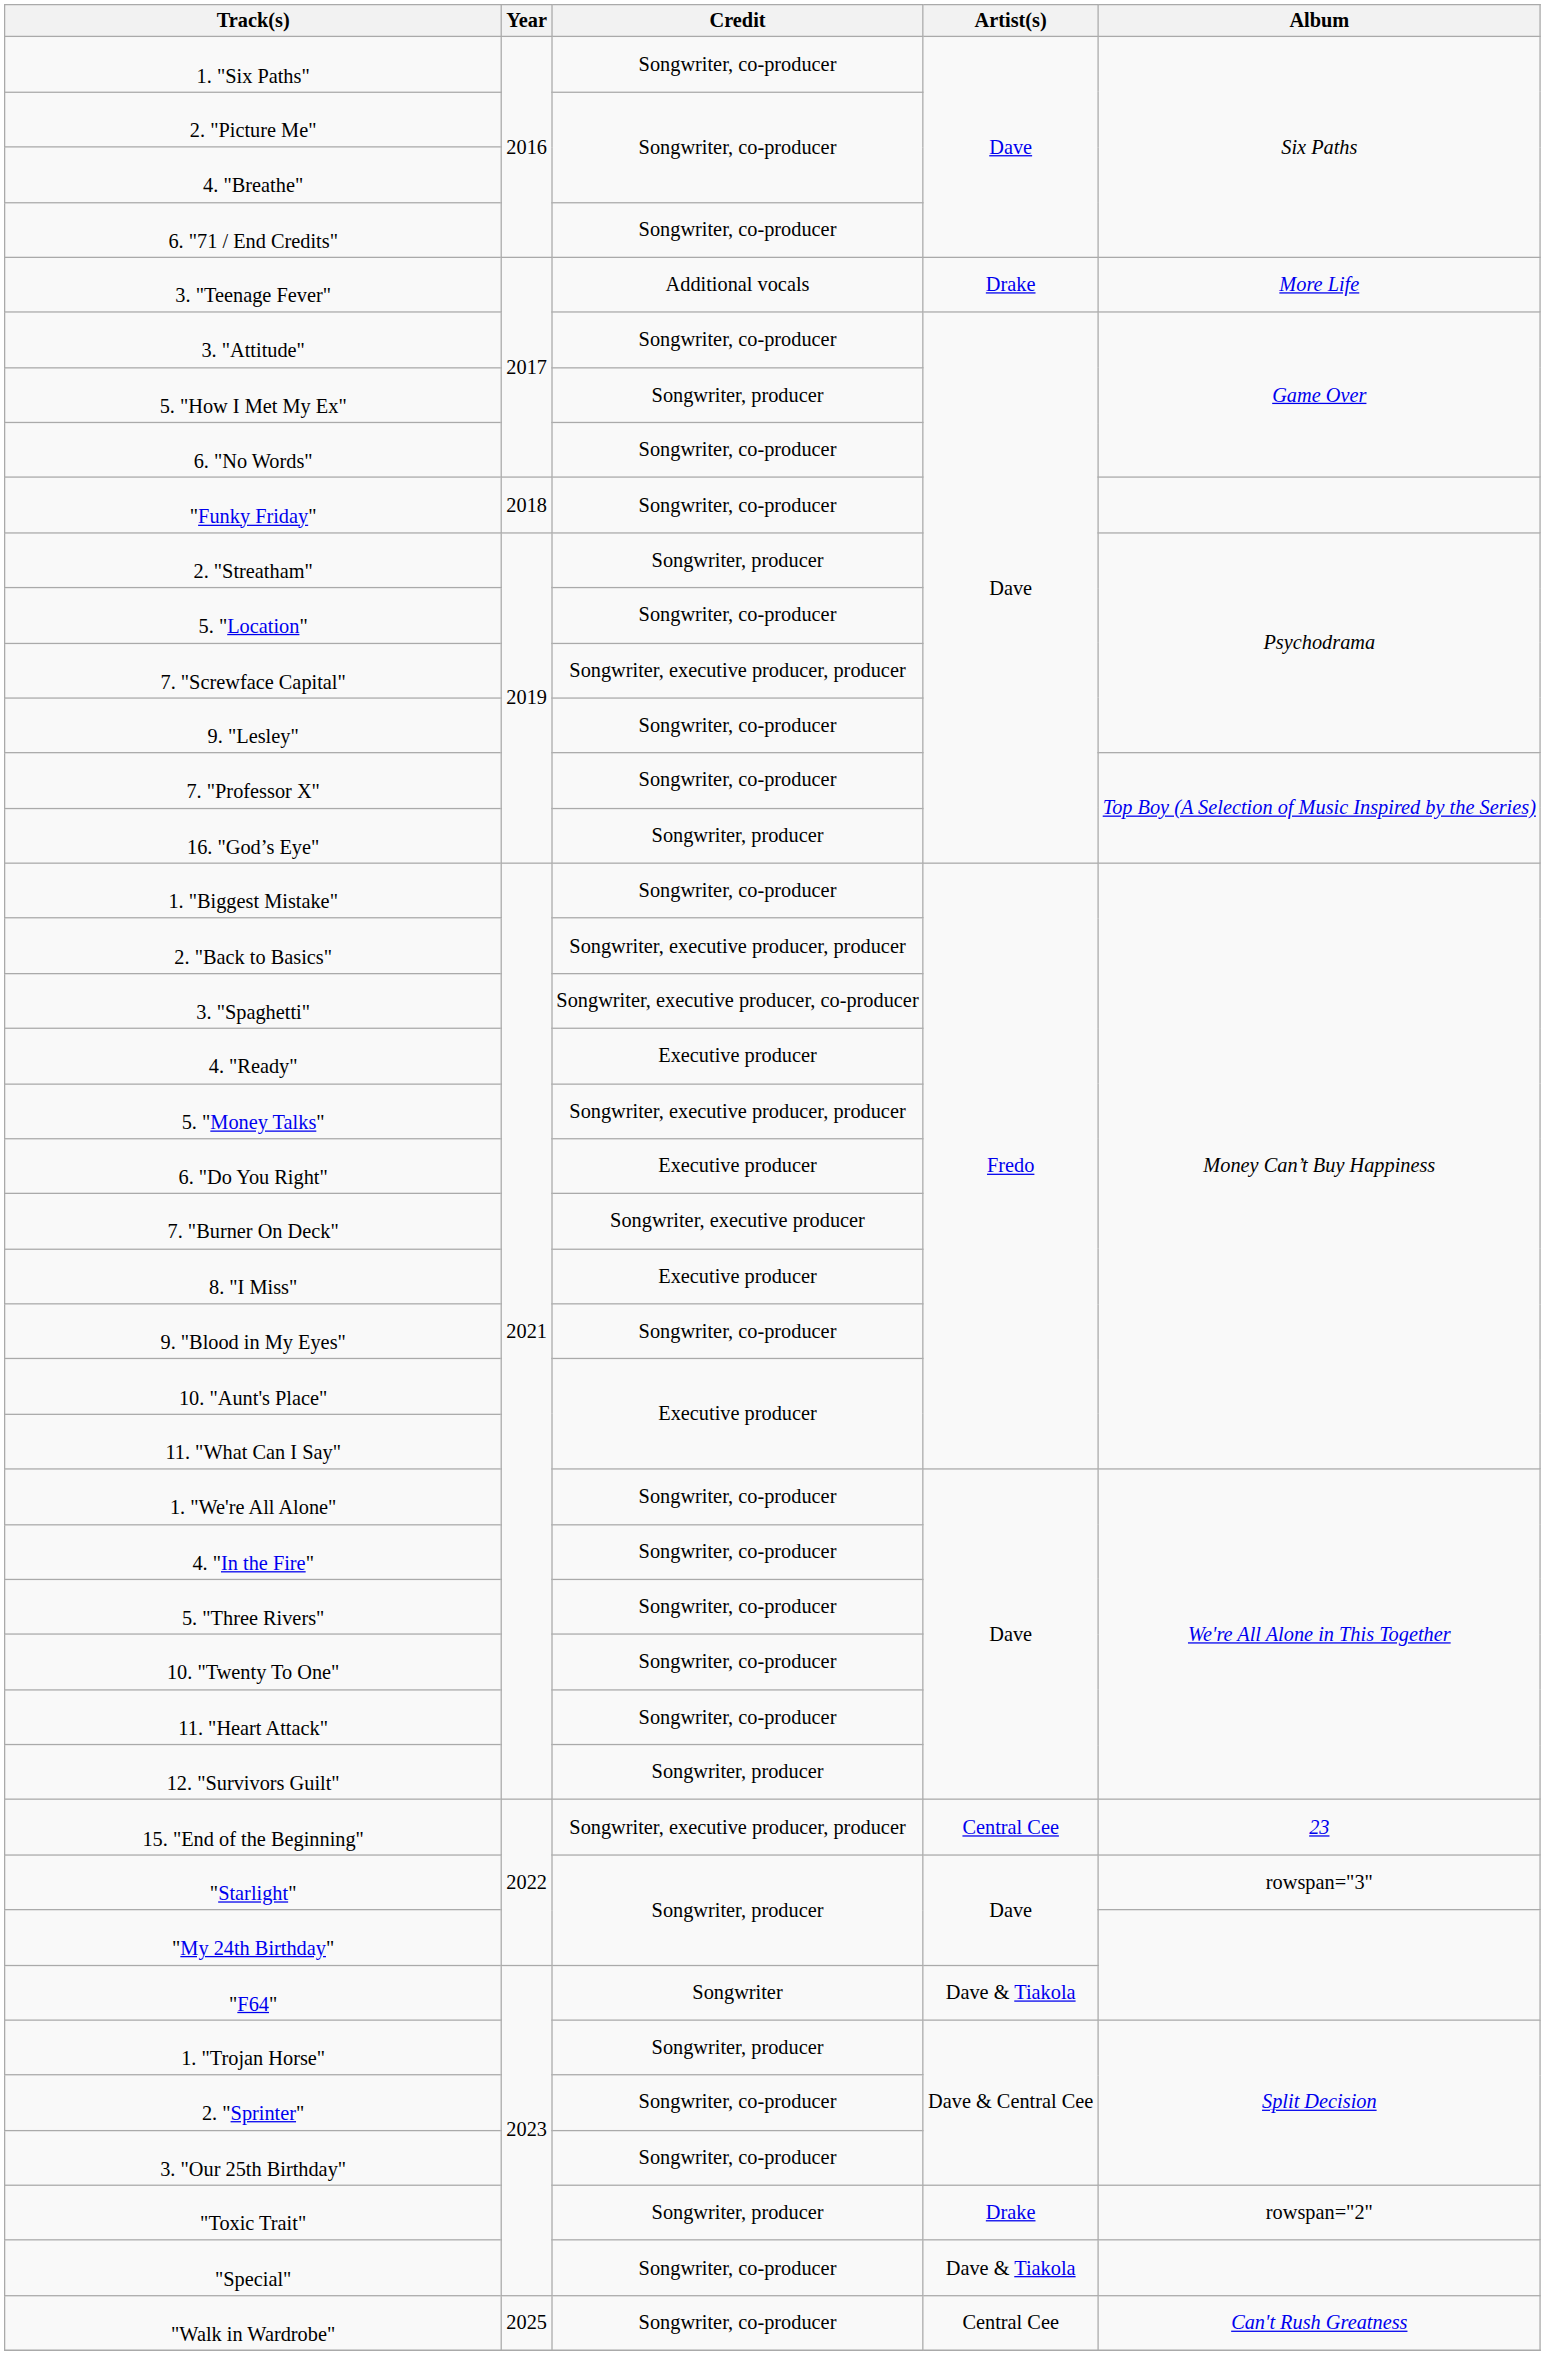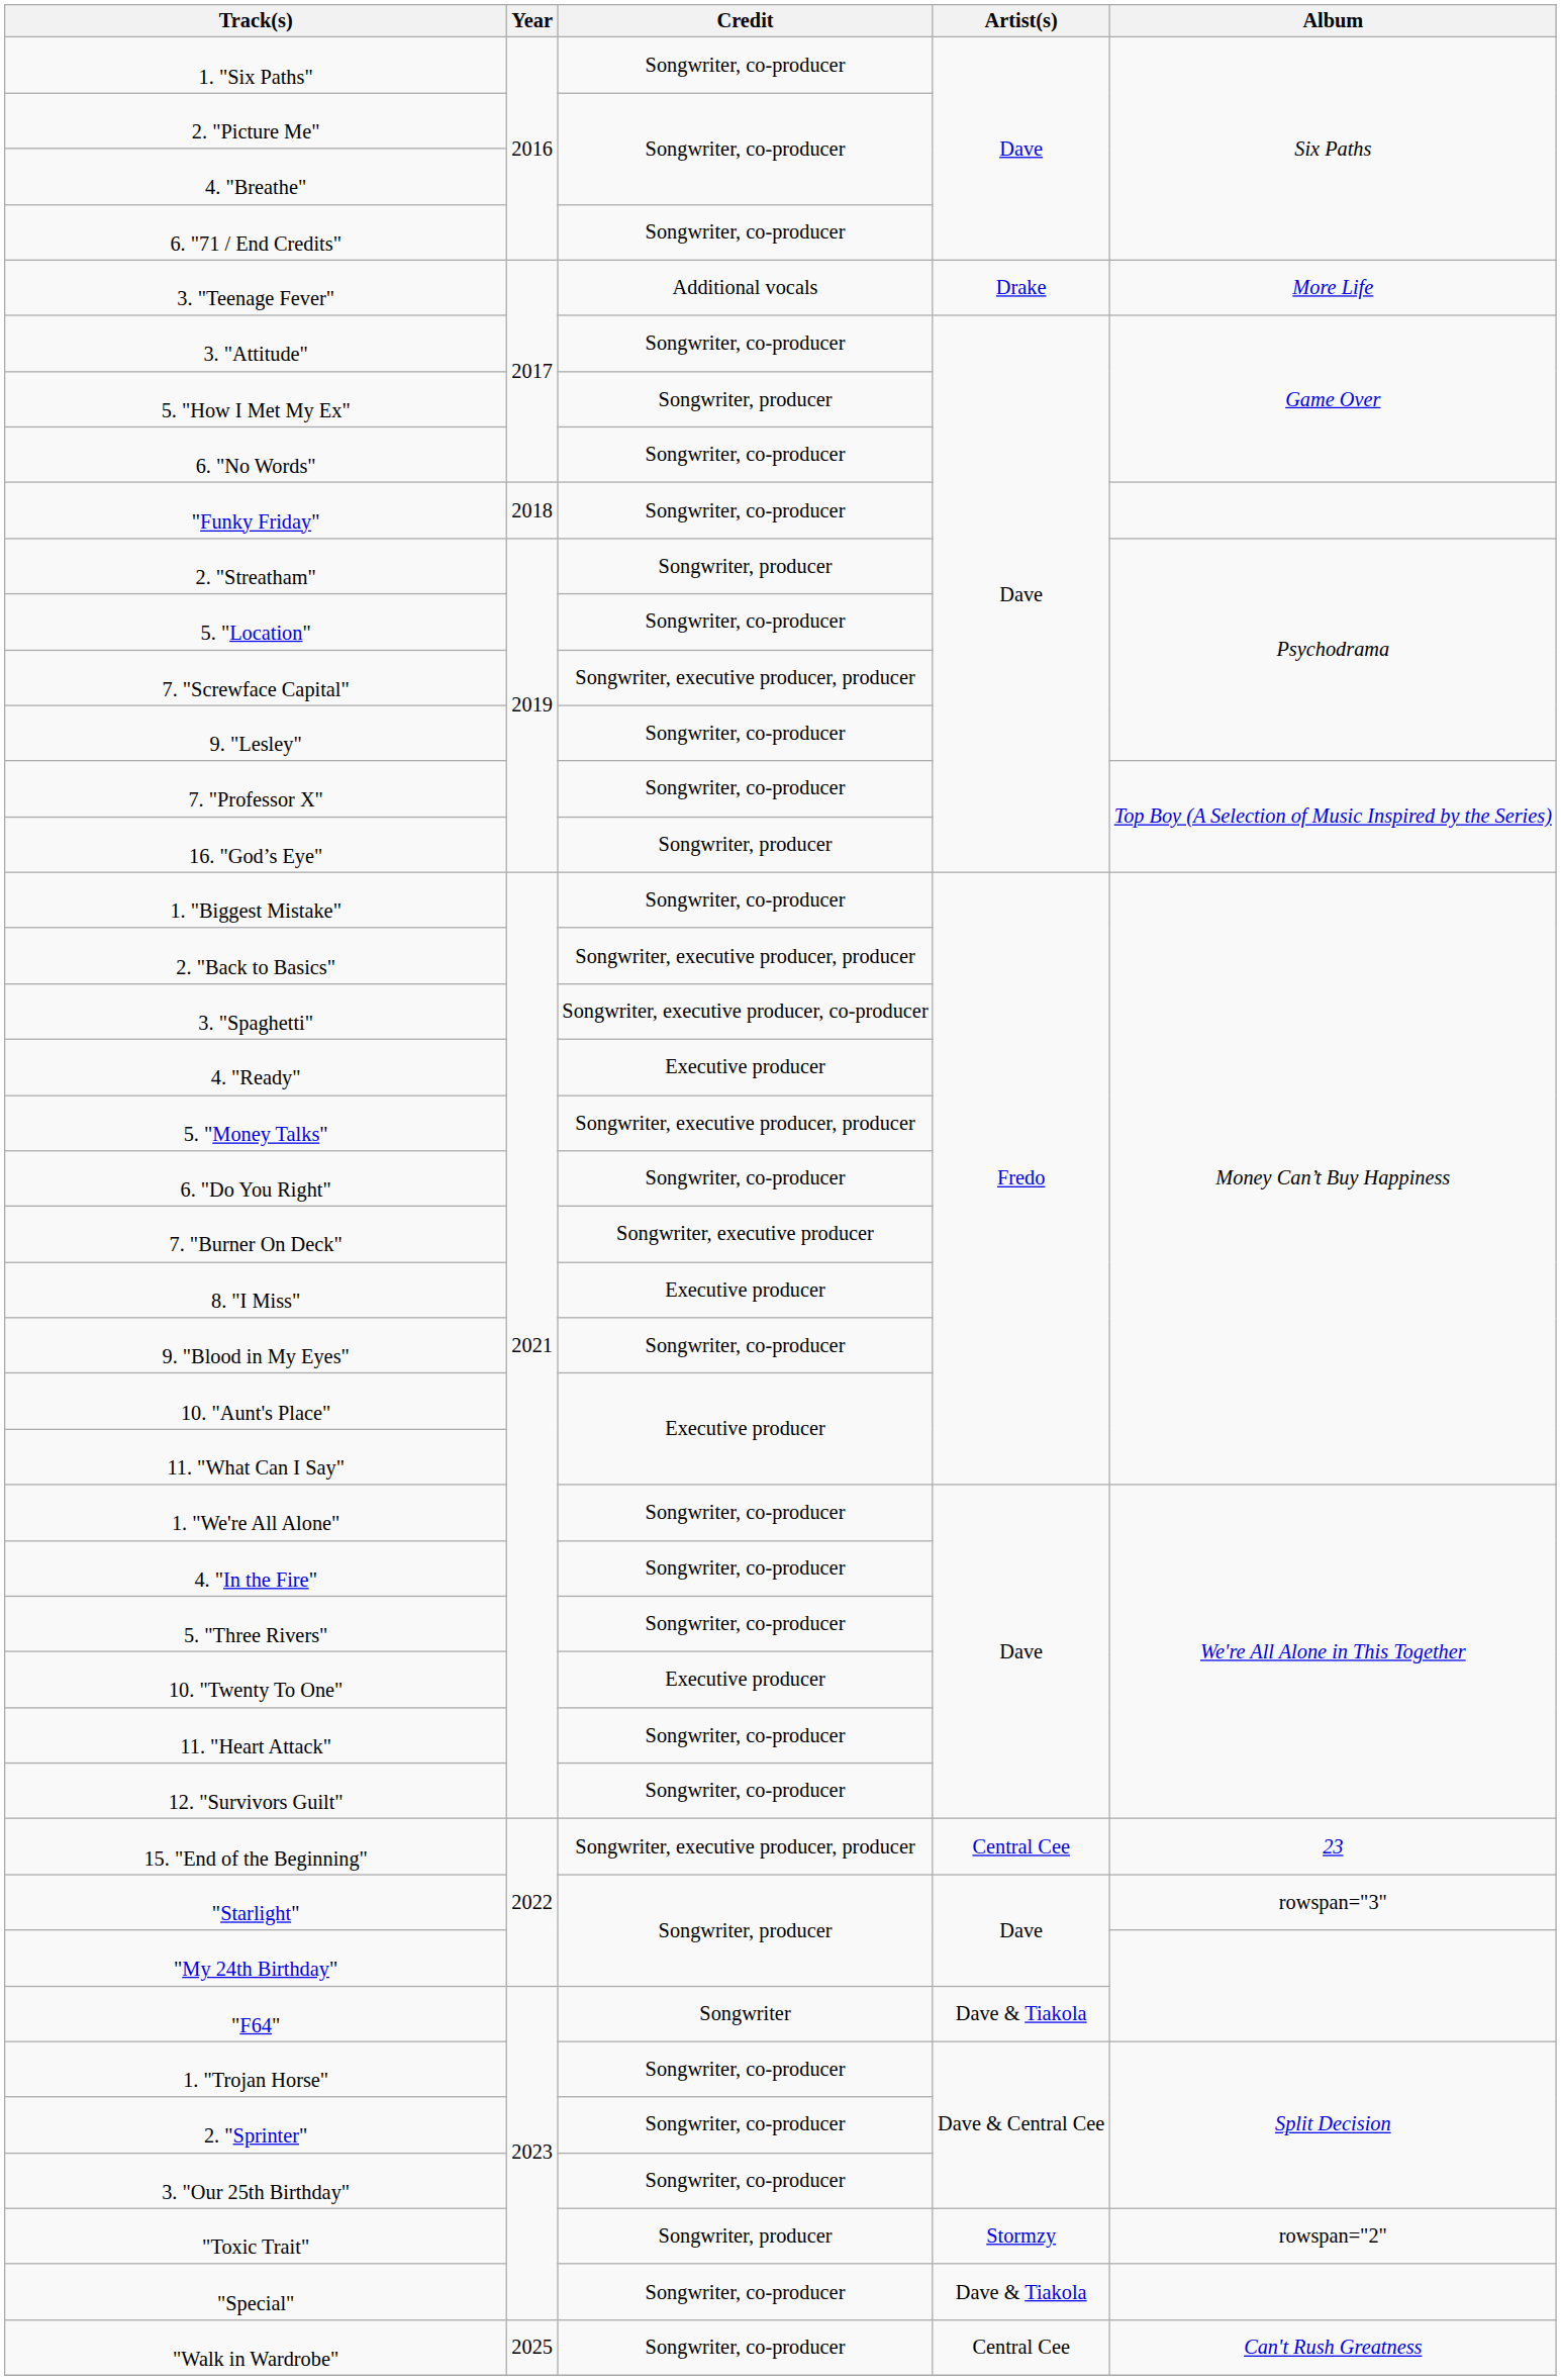 <table class="wikitable plainrowheaders" style="text-align:center;">
 <tr>
 <th scope="col" style="width:24em;">Track(s)</th>
 <th scope="col" style="width:1em;">Year</th>
 <th scope="col">Credit</th>
 <th scope="col">Artist(s)</th>
 <th scope="col">Album</th>
 </tr>
 <tr>
 <td><br>1. "Six Paths"</td>
 <td rowspan="4">2016</td>
 <td>Songwriter, co-producer </td>
 <td rowspan="4"><a href='#'>Dave</a></td>
 <td rowspan="4"><em>Six Paths</em></td>
 </tr>
 <tr>
 <td><br>2. "Picture Me"</td>
 <td rowspan="2">Songwriter, co-producer </td>
 </tr>
 <tr>
 <td><br>4. "Breathe"</td>
 </tr>
 <tr>
 <td><br>6. "71 / End Credits"</td>
 <td>Songwriter, co-producer </td>
 </tr>
 <tr>
 <td><br>3. "Teenage Fever"</td>
 <td rowspan="4">2017</td>
 <td>Additional vocals</td>
 <td><a href='#'>Drake</a></td>
 <td><em><a href='#'>More Life</a></em></td>
 </tr>
 <tr>
 <td><br>3. "Attitude"</td>
 <td>Songwriter, co-producer </td>
 <td rowspan="10">Dave</td>
 <td rowspan="3"><em><a href='#'>Game Over</a></em></td>
 </tr>
 <tr>
 <td><br>5. "How I Met My Ex"</td>
 <td>Songwriter, producer</td>
 </tr>
 <tr>
 <td><br>6. "No Words"<br></td>
 <td>Songwriter, co-producer </td>
 </tr>
 <tr>
 <td><br>"<a href='#'>Funky Friday</a>"<br></td>
 <td>2018</td>
 <td>Songwriter, co-producer </td>
 <td></td>
 </tr>
 <tr>
 <td><br>2. "Streatham"</td>
 <td rowspan="6">2019</td>
 <td>Songwriter, producer</td>
 <td rowspan="4"><em>Psychodrama</em></td>
 </tr>
 <tr>
 <td><br>5. "<a href='#'>Location</a>"<br></td>
 <td>Songwriter, co-producer </td>
 </tr>
 <tr>
 <td><br>7. "Screwface Capital"</td>
 <td>Songwriter, executive producer, producer</td>
 </tr>
 <tr>
 <td><br>9. "Lesley"<br></td>
 <td>Songwriter, co-producer </td>
 </tr>
 <tr>
 <td><br>7. "Professor X"</td>
 <td>Songwriter, co-producer </td>
 <td rowspan="2"><em><a href='#'>Top Boy (A Selection of Music Inspired by the Series)</a></em></td>
 </tr>
 <tr>
 <td><br>16. "God’s Eye"</td>
 <td>Songwriter, producer</td>
 </tr>
 <tr>
 <td><br>1. "Biggest Mistake"</td>
 <td rowspan="17">2021</td>
 <td>Songwriter, co-producer </td>
 <td rowspan="11"><a href='#'>Fredo</a></td>
 <td rowspan="11"><em>Money Can’t Buy Happiness</em></td>
 </tr>
 <tr>
 <td><br>2. "Back to Basics"</td>
 <td>Songwriter, executive producer, producer</td>
 </tr>
 <tr>
 <td><br>3. "Spaghetti"</td>
 <td>Songwriter, executive producer, co-producer </td>
 </tr>
 <tr>
 <td><br>4. "Ready"<br></td>
 <td>Executive producer</td>
 </tr>
 <tr>
 <td><br>5. "<a href='#'>Money Talks</a>"<br></td>
 <td>Songwriter, executive producer, producer</td>
 </tr>
 <tr>
 <td><br>6. "Do You Right"</td>
-<td>Executive producer</td>
+<td>Songwriter, co-producer </td>
 </tr>
 <tr>
 <td><br>7. "Burner On Deck"<br></td>
 <td>Songwriter, executive producer</td>
 </tr>
 <tr>
 <td><br>8. "I Miss"</td>
 <td>Executive producer</td>
 </tr>
 <tr>
 <td><br>9. "Blood in My Eyes"</td>
 <td>Songwriter, co-producer </td>
 </tr>
 <tr>
 <td><br>10. "Aunt's Place"</td>
 <td rowspan="2">Executive producer</td>
 </tr>
 <tr>
 <td><br>11. "What Can I Say"</td>
 </tr>
 <tr>
 <td><br>1. "We're All Alone"</td>
 <td>Songwriter, co-producer </td>
 <td rowspan="6">Dave</td>
 <td rowspan="6"><em><a href='#'>We're All Alone in This Together</a></em></td>
 </tr>
 <tr>
 <td><br>4. "<a href='#'>In the Fire</a>"</td>
 <td>Songwriter, co-producer </td>
 </tr>
 <tr>
 <td><br>5. "Three Rivers"</td>
 <td>Songwriter, co-producer </td>
 </tr>
 <tr>
 <td><br>10. "Twenty To One"</td>
-<td>Songwriter, co-producer </td>
+<td>Executive producer</td>
 </tr>
 <tr>
 <td><br>11. "Heart Attack"</td>
 <td>Songwriter, co-producer </td>
 </tr>
 <tr>
 <td><br>12. "Survivors Guilt"</td>
-<td>Songwriter, producer</td>
+<td>Songwriter, co-producer </td>
 </tr>
 <tr>
 <td><br>15. "End of the Beginning"</td>
 <td rowspan="3">2022</td>
 <td>Songwriter, executive producer, producer</td>
 <td><a href='#'>Central Cee</a></td>
 <td><em><a href='#'>23</a></em></td>
 </tr>
 <tr>
 <td><br>"<a href='#'>Starlight</a>"</td>
 <td rowspan="2">Songwriter, producer</td>
 <td rowspan="2">Dave</td>
 <td>rowspan="3" </td>
 </tr>
 <tr>
 <td><br>"<a href='#'>My 24th Birthday</a>"</td>
 </tr>
 <tr>
 <td><br>"<a href='#'>F64</a>"</td>
 <td rowspan="6">2023</td>
 <td>Songwriter</td>
 <td>Dave & <a href='#'>Tiakola</a></td>
 </tr>
 <tr>
 <td><br>1. "Trojan Horse"</td>
-<td>Songwriter, producer</td>
+<td>Songwriter, co-producer </td>
 <td rowspan="3">Dave & Central Cee</td>
 <td rowspan="3"><em><a href='#'>Split Decision</a></em></td>
 </tr>
 <tr>
 <td><br>2. "<a href='#'>Sprinter</a>"</td>
 <td>Songwriter, co-producer </td>
 </tr>
 <tr>
 <td><br>3. "Our 25th Birthday"</td>
 <td>Songwriter, co-producer </td>
 </tr>
 <tr>
 <td><br>"Toxic Trait"<br></td>
 <td>Songwriter, producer</td>
-<td><a href='#'>Drake</a></td>
+<td><a href='#'>Stormzy</a></td>
 <td>rowspan="2" </td>
 </tr>
 <tr>
 <td><br>"Special"</td>
 <td>Songwriter, co-producer </td>
 <td>Dave & <a href='#'>Tiakola</a></td>
 </tr>
 <tr>
 <td><br>"Walk in Wardrobe"</td>
 <td rowspan="1">2025</td>
 <td>Songwriter, co-producer </td>
 <td>Central Cee</td>
 <td><em><a href='#'>Can't Rush Greatness</a></em></td>
 </tr>
 <tr>
 </tr>
 </table>
